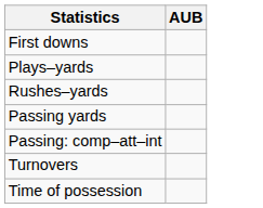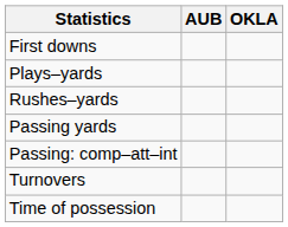 <table class="wikitable" style="float:left">
 <tr>
 <th>Statistics</th>
 <th>AUB</th>
+<th>OKLA</th>
 </tr>
 <tr>
 <td>First downs</td>
+<td></td>
 <td></td>
 </tr>
 <tr>
 <td>Plays–yards</td>
 <td></td>
+<td></td>
 </tr>
 <tr>
 <td>Rushes–yards</td>
+<td></td>
 <td></td>
 </tr>
 <tr>
 <td>Passing yards</td>
 <td></td>
+<td></td>
 </tr>
 <tr>
 <td>Passing: comp–att–int</td>
+<td></td>
 <td></td>
 </tr>
 <tr>
 <td>Turnovers</td>
 <td></td>
+<td></td>
 </tr>
 <tr>
 <td>Time of possession</td>
 <td></td>
+<td></td>
 </tr>
 </table>
